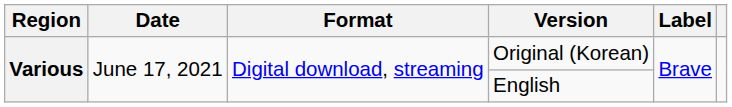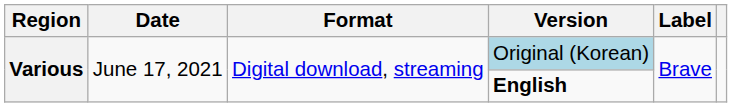 <table class="wikitable plainrowheaders">
 <tr>
 <th>Region</th>
 <th>Date</th>
 <th>Format</th>
 <th>Version</th>
 <th>Label</th>
 <th></th>
 </tr>
 <tr>
 <th scope="row" rowspan="2">Various</th>
 <td rowspan="2">June 17, 2021</td>
 <td rowspan="2"><a href='#'>Digital download</a>, <a href='#'>streaming</a></td>
-<td>Original (Korean)</td>
+<td style="background: lightblue;">Original (Korean)</td>
 <td rowspan="2"><a href='#'>Brave</a></td>
 <td rowspan="2"></td>
 </tr>
 <tr>
-<td>English</td>
+<td><strong>English</strong></td>
 </tr>
 </table>
